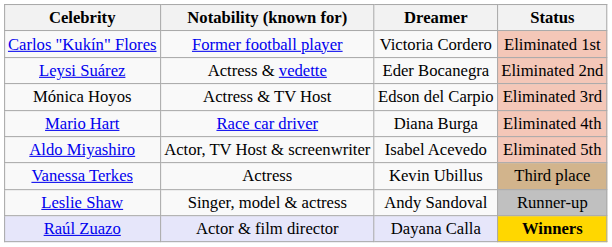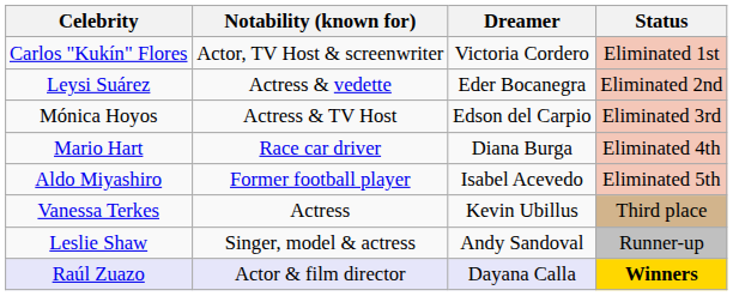 <table class= "wikitable sortable" style="text-align: center; margin:auto; align: center">
 <tr>
 <th>Celebrity</th>
 <th>Notability (known for)</th>
 <th>Dreamer</th>
 <th>Status</th>
 </tr>
 <tr>
 <td><a href='#'>Carlos "Kukín" Flores</a></td>
-<td><a href='#'>Former football player</a></td>
+<td>Actor, TV Host & screenwriter</td>
 <td>Victoria Cordero</td>
 <td style="background:#f4c7b8;">Eliminated 1st<br></td>
 </tr>
 <tr>
 <td><a href='#'>Leysi Suárez</a></td>
 <td>Actress & <a href='#'>vedette</a></td>
 <td>Eder Bocanegra</td>
 <td style="background:#f4c7b8;">Eliminated 2nd<br></td>
 </tr>
 <tr>
 <td>Mónica Hoyos</td>
 <td>Actress & TV Host</td>
 <td>Edson del Carpio</td>
 <td style="background:#f4c7b8;">Eliminated 3rd<br></td>
 </tr>
 <tr>
 <td><a href='#'>Mario Hart</a></td>
 <td><a href='#'>Race car driver</a></td>
 <td>Diana Burga</td>
 <td style="background:#f4c7b8;">Eliminated 4th<br></td>
 </tr>
 <tr>
 <td><a href='#'>Aldo Miyashiro</a></td>
-<td>Actor, TV Host & screenwriter</td>
+<td><a href='#'>Former football player</a></td>
 <td>Isabel Acevedo</td>
 <td style="background:#f4c7b8;">Eliminated 5th<br></td>
 </tr>
 <tr>
 <td><a href='#'>Vanessa Terkes</a></td>
 <td>Actress</td>
 <td>Kevin Ubillus</td>
 <td style="background:tan;">Third place<br></td>
 </tr>
 <tr>
 <td><a href='#'>Leslie Shaw</a></td>
 <td>Singer, model & actress</td>
 <td>Andy Sandoval</td>
 <td style="background:silver;">Runner-up<br></td>
 </tr>
 <tr>
 <td bgcolor=lavender><a href='#'>Raúl Zuazo</a></td>
 <td bgcolor=lavender>Actor & film director</td>
 <td bgcolor=lavender>Dayana Calla</td>
 <td style="background:gold;"><strong>Winners</strong><br></td>
 </tr>
 </table>
